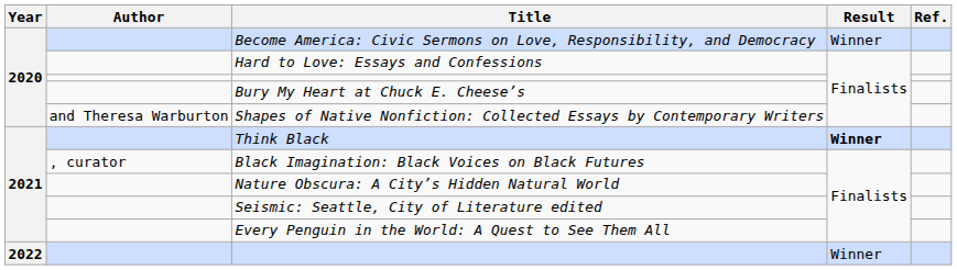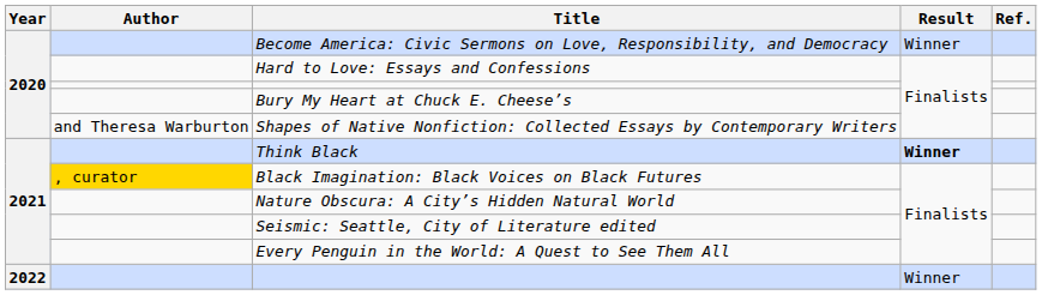 <table class="wikitable sortable mw-collapsible">
 <tr>
 <th>Year</th>
 <th>Author</th>
 <th>Title</th>
 <th>Result</th>
 <th>Ref.</th>
 </tr>
 <tr style="background:#cddeff">
 <th rowspan="5">2020</th>
 <td></td>
 <td><em>Become America: Civic Sermons on Love, Responsibility, and Democracy</em></td>
 <td>Winner</td>
 <td></td>
 </tr>
 <tr>
 <td></td>
 <td><em>Hard to Love: Essays and Confessions</em></td>
 <td rowspan="4">Finalists</td>
 <td></td>
 </tr>
 <tr>
 <td></td>
 <td><em></em></td>
 <td></td>
 </tr>
 <tr>
 <td></td>
 <td><em>Bury My Heart at Chuck E. Cheese’s</em></td>
 <td></td>
 </tr>
 <tr>
 <td> and Theresa Warburton</td>
 <td><em>Shapes of Native Nonfiction: Collected Essays by Contemporary Writers</em></td>
 <td></td>
 </tr>
 <tr style="background:#cddeff">
 <th rowspan="5">2021</th>
 <td></td>
 <td><em>Think Black</em></td>
 <td><strong>Winner</strong></td>
 <td></td>
 </tr>
 <tr>
-<td>, curator</td>
+<td style="background: gold;">, curator</td>
 <td><em>Black Imagination: Black Voices on Black Futures</em></td>
 <td rowspan="4">Finalists</td>
 <td></td>
 </tr>
 <tr>
 <td></td>
 <td><em>Nature Obscura: A City’s Hidden Natural World</em></td>
 <td></td>
 </tr>
 <tr>
 <td></td>
 <td><em>Seismic: Seattle, City of Literature edited</em></td>
 <td></td>
 </tr>
 <tr>
 <td></td>
 <td><em>Every Penguin in the World: A Quest to See Them All</em></td>
 <td></td>
 </tr>
 <tr style="background:#cddeff">
 <th>2022</th>
 <td></td>
 <td><em></em></td>
 <td>Winner</td>
 <td></td>
 </tr>
 </table>
